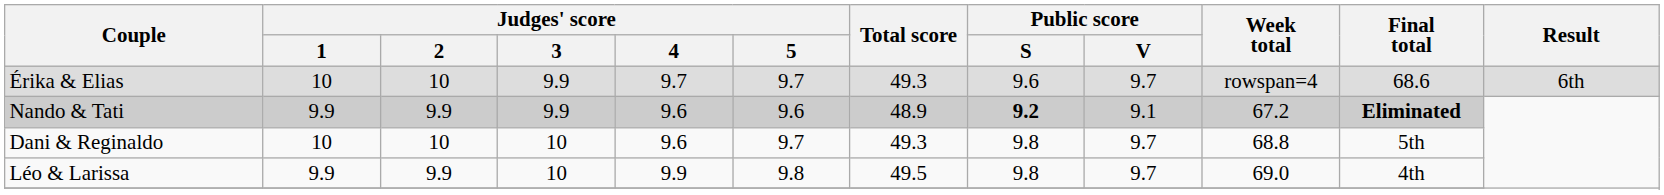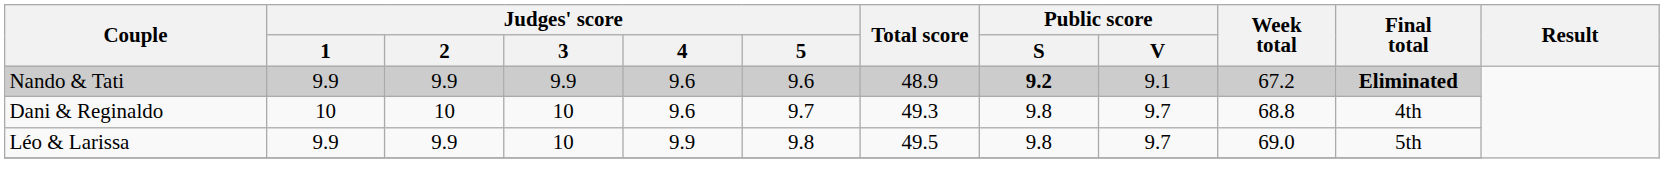 <table class="wikitable" style="font-size:100%; line-height:16px; text-align:center" width="100%">
 <tr>
 <th rowspan=2 width="11.0%">Couple</th>
 <th colspan=5 width="25.0%">Judges' score</th>
 <th rowspan=2 width="05.0%">Total score</th>
 <th colspan=2 width="10.0%">Public score</th>
 <th rowspan=2 width="05.0%">Week<br>total</th>
 <th rowspan=2 width="05.0%">Final<br>total</th>
 <th rowspan=2 width="07.5%">Result <br></th>
 </tr>
 <tr>
 <th width="05.0%">1</th>
 <th width="05.0%">2</th>
 <th width="05.0%">3</th>
 <th width="05.0%">4</th>
 <th width="05.0%">5</th>
 <th width="05.0%">S</th>
 <th width="05.0%">V</th>
-</tr>
-<tr bgcolor=DDDDDD>
-<td align="left">Érika & Elias</td>
-<td>10</td>
-<td>10</td>
-<td>9.9</td>
-<td>9.7</td>
-<td>9.7</td>
-<td>49.3</td>
-<td>9.6</td>
-<td>9.7</td>
-<td>rowspan=4 </td>
-<td>68.6</td>
-<td>6th</td>
 </tr>
 <tr bgcolor=CCCCCC>
 <td align="left">Nando & Tati</td>
 <td>9.9</td>
 <td>9.9</td>
 <td>9.9</td>
 <td>9.6</td>
 <td>9.6</td>
 <td>48.9</td>
 <td><strong>9.2</strong></td>
 <td>9.1</td>
 <td>67.2</td>
 <td><strong>Eliminated</strong></td>
 </tr>
 <tr>
 <td align="left">Dani & Reginaldo</td>
 <td>10</td>
 <td>10</td>
 <td>10</td>
 <td>9.6</td>
 <td>9.7</td>
 <td>49.3</td>
 <td>9.8</td>
 <td>9.7</td>
 <td>68.8</td>
-<td>5th</td>
+<td>4th</td>
 </tr>
 <tr>
 <td align="left">Léo & Larissa</td>
 <td>9.9</td>
 <td>9.9</td>
 <td>10</td>
 <td>9.9</td>
 <td>9.8</td>
 <td>49.5</td>
 <td>9.8</td>
 <td>9.7</td>
 <td>69.0</td>
-<td>4th</td>
+<td>5th</td>
 </tr>
 <tr>
 </tr>
 </table>
